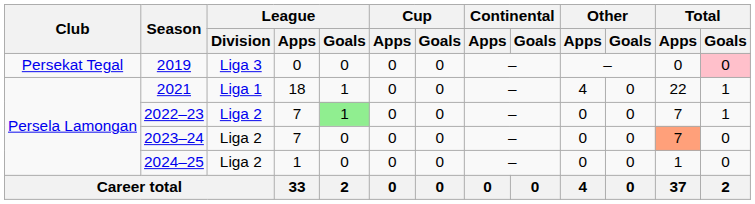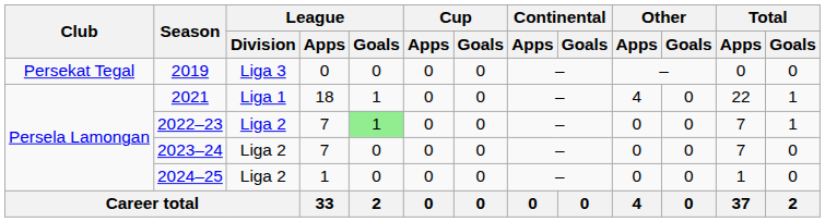 <table class="wikitable" style="text-align: center">
 <tr>
 <th rowspan="2">Club</th>
 <th rowspan="2">Season</th>
 <th colspan="3">League</th>
 <th colspan="2">Cup</th>
 <th colspan="2">Continental</th>
 <th colspan="2">Other</th>
 <th colspan="2">Total</th>
 </tr>
 <tr>
 <th>Division</th>
 <th>Apps</th>
 <th>Goals</th>
 <th>Apps</th>
 <th>Goals</th>
 <th>Apps</th>
 <th>Goals</th>
 <th>Apps</th>
 <th>Goals</th>
 <th>Apps</th>
 <th>Goals</th>
 </tr>
 <tr>
 <td rowspan="1"><a href='#'>Persekat Tegal</a></td>
 <td><a href='#'>2019</a></td>
 <td rowspan="1" valign="center"><a href='#'>Liga 3</a></td>
 <td>0</td>
 <td>0</td>
 <td>0</td>
 <td>0</td>
 <td colspan="2">–</td>
 <td colspan="2">–</td>
 <td>0</td>
-<td style="background: pink;">0</td>
+<td>0</td>
 </tr>
 <tr>
 <td rowspan="4"><a href='#'>Persela Lamongan</a></td>
 <td><a href='#'>2021</a></td>
 <td rowspan="1" valign="center"><a href='#'>Liga 1</a></td>
 <td>18</td>
 <td>1</td>
 <td>0</td>
 <td>0</td>
 <td colspan="2">–</td>
 <td>4</td>
 <td>0</td>
 <td>22</td>
 <td>1</td>
 </tr>
 <tr>
 <td><a href='#'>2022–23</a></td>
 <td rowspan="1" valign="center"><a href='#'>Liga 2</a></td>
 <td>7</td>
 <td style="background: lightgreen;">1</td>
 <td>0</td>
 <td>0</td>
 <td colspan="2">–</td>
 <td>0</td>
 <td>0</td>
 <td>7</td>
 <td>1</td>
 </tr>
 <tr>
 <td><a href='#'>2023–24</a></td>
 <td rowspan="1" valign="center">Liga 2</td>
 <td>7</td>
 <td>0</td>
 <td>0</td>
 <td>0</td>
 <td colspan="2">–</td>
 <td>0</td>
 <td>0</td>
-<td style="background: lightsalmon;">7</td>
+<td>7</td>
 <td>0</td>
 </tr>
 <tr>
 <td><a href='#'>2024–25</a></td>
 <td rowspan="1" valign="center">Liga 2</td>
 <td>1</td>
 <td>0</td>
 <td>0</td>
 <td>0</td>
 <td colspan="2">–</td>
 <td>0</td>
 <td>0</td>
 <td>1</td>
 <td>0</td>
 </tr>
 <tr>
 <th colspan=3>Career total</th>
 <th>33</th>
 <th>2</th>
 <th>0</th>
 <th>0</th>
 <th>0</th>
 <th>0</th>
 <th>4</th>
 <th>0</th>
 <th>37</th>
 <th>2</th>
 </tr>
 </table>
